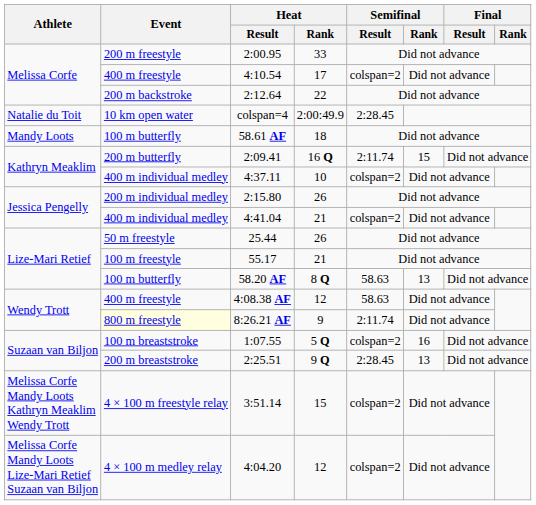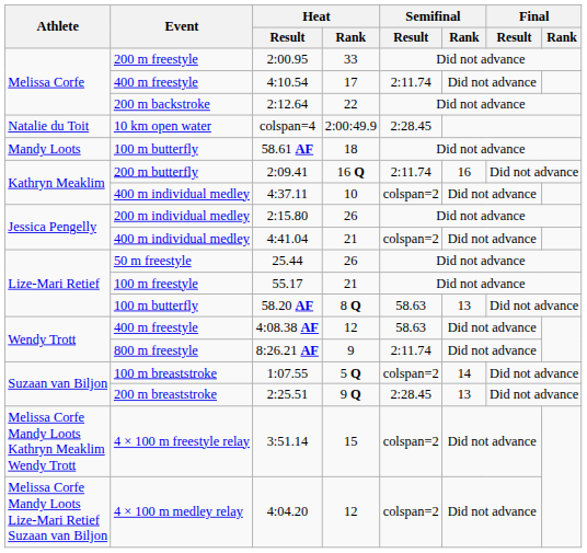 <table class=wikitable style="font-size:90%">
 <tr>
 <th rowspan="2">Athlete</th>
 <th rowspan="2">Event</th>
 <th colspan="2">Heat</th>
 <th colspan="2">Semifinal</th>
 <th colspan="2">Final</th>
 </tr>
 <tr style="font-size:95%">
 <th>Result</th>
 <th>Rank</th>
 <th>Result</th>
 <th>Rank</th>
 <th>Result</th>
 <th>Rank</th>
 </tr>
 <tr align=center>
 <td align=left rowspan=3><a href='#'>Melissa Corfe</a></td>
 <td align=left><a href='#'>200 m freestyle</a></td>
 <td>2:00.95</td>
 <td>33</td>
 <td colspan=4>Did not advance</td>
 </tr>
 <tr align=center>
 <td align=left><a href='#'>400 m freestyle</a></td>
 <td>4:10.54</td>
 <td>17</td>
-<td>colspan=2 </td>
+<td>2:11.74</td>
 <td colspan=2>Did not advance</td>
 </tr>
 <tr align=center>
 <td align=left><a href='#'>200 m backstroke</a></td>
 <td>2:12.64</td>
 <td>22</td>
 <td colspan=4>Did not advance</td>
 </tr>
 <tr align=center>
 <td align=left><a href='#'>Natalie du Toit</a></td>
 <td align=left><a href='#'>10 km open water</a></td>
 <td>colspan=4 </td>
 <td>2:00:49.9</td>
 <td>2:28.45</td>
 </tr>
 <tr align=center>
 <td align=left><a href='#'>Mandy Loots</a></td>
 <td align=left><a href='#'>100 m butterfly</a></td>
 <td>58.61 <strong><a href='#'>AF</a></strong></td>
 <td>18</td>
 <td colspan=4>Did not advance</td>
 </tr>
 <tr align=center>
 <td align=left rowspan=2><a href='#'>Kathryn Meaklim</a></td>
 <td align=left><a href='#'>200 m butterfly</a></td>
 <td>2:09.41</td>
 <td>16 <strong>Q</strong></td>
 <td>2:11.74</td>
-<td>15</td>
+<td>16</td>
 <td colspan=2>Did not advance</td>
 </tr>
 <tr align=center>
 <td align=left><a href='#'>400 m individual medley</a></td>
 <td>4:37.11</td>
 <td>10</td>
 <td>colspan=2 </td>
 <td colspan=2>Did not advance</td>
 </tr>
 <tr align=center>
 <td align=left rowspan=2><a href='#'>Jessica Pengelly</a></td>
 <td align=left><a href='#'>200 m individual medley</a></td>
 <td>2:15.80</td>
 <td>26</td>
 <td colspan=4>Did not advance</td>
 </tr>
 <tr align=center>
 <td align=left><a href='#'>400 m individual medley</a></td>
 <td>4:41.04</td>
 <td>21</td>
 <td>colspan=2 </td>
 <td colspan=2>Did not advance</td>
 </tr>
 <tr align=center>
 <td align=left rowspan=3><a href='#'>Lize-Mari Retief</a></td>
 <td align=left><a href='#'>50 m freestyle</a></td>
 <td>25.44</td>
 <td>26</td>
 <td colspan=4>Did not advance</td>
 </tr>
 <tr align=center>
 <td align=left><a href='#'>100 m freestyle</a></td>
 <td>55.17</td>
 <td>21</td>
 <td colspan=4>Did not advance</td>
 </tr>
 <tr align=center>
 <td align=left><a href='#'>100 m butterfly</a></td>
 <td>58.20 <strong><a href='#'>AF</a></strong></td>
 <td>8 <strong>Q</strong></td>
 <td>58.63</td>
 <td>13</td>
 <td colspan=2>Did not advance</td>
 </tr>
 <tr align=center>
 <td align=left rowspan=2><a href='#'>Wendy Trott</a></td>
 <td align=left><a href='#'>400 m freestyle</a></td>
 <td>4:08.38 <strong><a href='#'>AF</a></strong></td>
 <td>12</td>
 <td>58.63</td>
 <td colspan=2>Did not advance</td>
 </tr>
 <tr align=center>
-<td align=left style="background: lightyellow;"><a href='#'>800 m freestyle</a></td>
+<td align=left><a href='#'>800 m freestyle</a></td>
 <td>8:26.21 <strong><a href='#'>AF</a></strong></td>
 <td>9</td>
 <td>2:11.74</td>
 <td colspan=2>Did not advance</td>
 </tr>
 <tr align=center>
 <td align=left rowspan=2><a href='#'>Suzaan van Biljon</a></td>
 <td align=left><a href='#'>100 m breaststroke</a></td>
 <td>1:07.55</td>
 <td>5 <strong>Q</strong></td>
 <td>colspan=2 </td>
-<td>16</td>
+<td>14</td>
 <td colspan=2>Did not advance</td>
 </tr>
 <tr align=center>
 <td align=left><a href='#'>200 m breaststroke</a></td>
 <td>2:25.51</td>
 <td>9 <strong>Q</strong></td>
 <td>2:28.45</td>
 <td>13</td>
 <td colspan=2>Did not advance</td>
 </tr>
 <tr align=center>
 <td align=left><a href='#'>Melissa Corfe</a><br><a href='#'>Mandy Loots</a><br><a href='#'>Kathryn Meaklim</a><br><a href='#'>Wendy Trott</a></td>
 <td align=left><a href='#'>4 × 100 m freestyle relay</a></td>
 <td>3:51.14</td>
 <td>15</td>
 <td>colspan=2 </td>
 <td colspan=2>Did not advance</td>
 </tr>
 <tr align=center>
 <td align=left><a href='#'>Melissa Corfe</a><br><a href='#'>Mandy Loots</a><br><a href='#'>Lize-Mari Retief</a><br><a href='#'>Suzaan van Biljon</a></td>
 <td align=left><a href='#'>4 × 100 m medley relay</a></td>
 <td>4:04.20</td>
 <td>12</td>
 <td>colspan=2 </td>
 <td colspan=2>Did not advance</td>
 </tr>
 </table>
